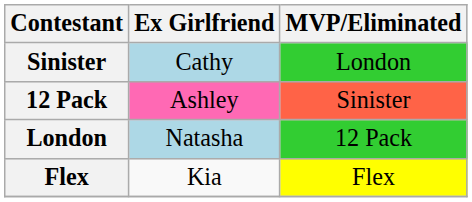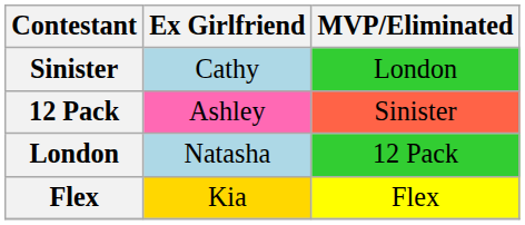 <table class="wikitable" style="text-align:center">
 <tr>
 <th>Contestant</th>
 <th>Ex Girlfriend</th>
 <th>MVP/Eliminated</th>
 </tr>
 <tr>
 <th>Sinister</th>
 <td bgcolor="lightblue">Cathy</td>
 <td bgcolor="limegreen">London</td>
 </tr>
 <tr>
 <th>12 Pack</th>
 <td bgcolor="hotpink">Ashley</td>
 <td bgcolor="tomato">Sinister</td>
 </tr>
 <tr>
 <th>London</th>
 <td bgcolor="lightblue">Natasha</td>
 <td bgcolor="limegreen">12 Pack</td>
 </tr>
 <tr>
 <th>Flex</th>
-<td>Kia</td>
+<td style="background: gold;">Kia</td>
 <td bgcolor="yellow">Flex</td>
 </tr>
 <tr>
 </tr>
 </table>
